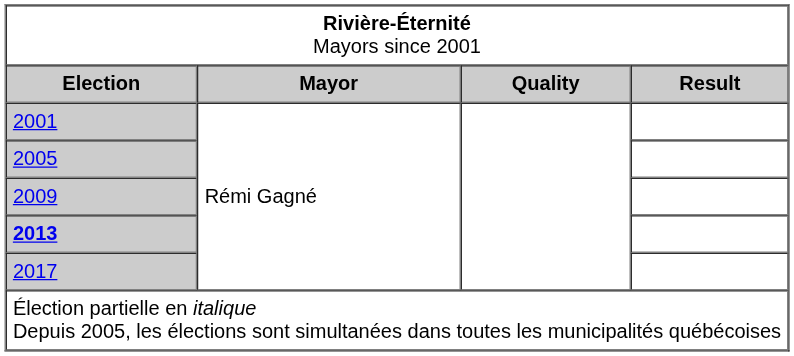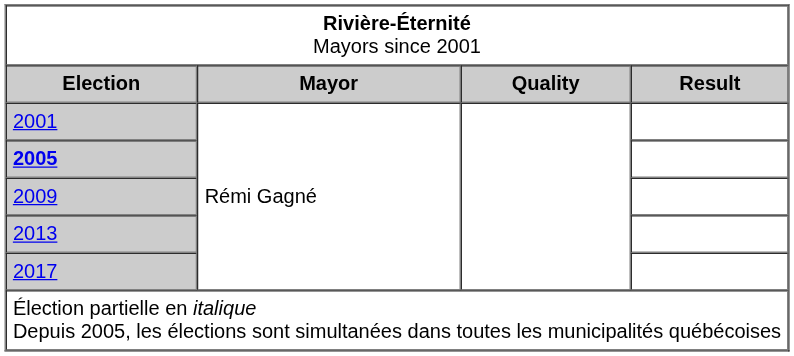 <table align=center border=1 cellpadding=5 cellspacing=0>
 <tr>
 <td colspan="4" align="center"><strong>Rivière-Éternité</strong><br>Mayors since 2001</td>
 </tr>
 <tr bgcolor="CCCCCC">
 <th>Election</th>
 <th>Mayor</th>
 <th>Quality</th>
 <th>Result</th>
 </tr>
 <tr>
 <td bgcolor="CCCCCC"><a href='#'>2001</a></td>
 <td rowspan="5">Rémi Gagné</td>
 <td rowspan="5"></td>
 <td></td>
 </tr>
 <tr>
-<td bgcolor="CCCCCC"><a href='#'>2005</a></td>
+<td bgcolor="CCCCCC"><strong><a href='#'>2005</a></strong></td>
 <td></td>
 </tr>
 <tr>
 <td bgcolor="CCCCCC"><a href='#'>2009</a></td>
 <td></td>
 </tr>
 <tr>
-<td bgcolor="CCCCCC"><strong><a href='#'>2013</a></strong></td>
+<td bgcolor="CCCCCC"><a href='#'>2013</a></td>
 <td></td>
 </tr>
 <tr>
 <td bgcolor="CCCCCC"><a href='#'>2017</a></td>
 <td></td>
 </tr>
 <tr>
 <td colspan="4" align="left">Élection partielle en <em>italique</em><br>Depuis 2005, les élections sont simultanées dans toutes les municipalités québécoises</td>
 </tr>
 </table>
